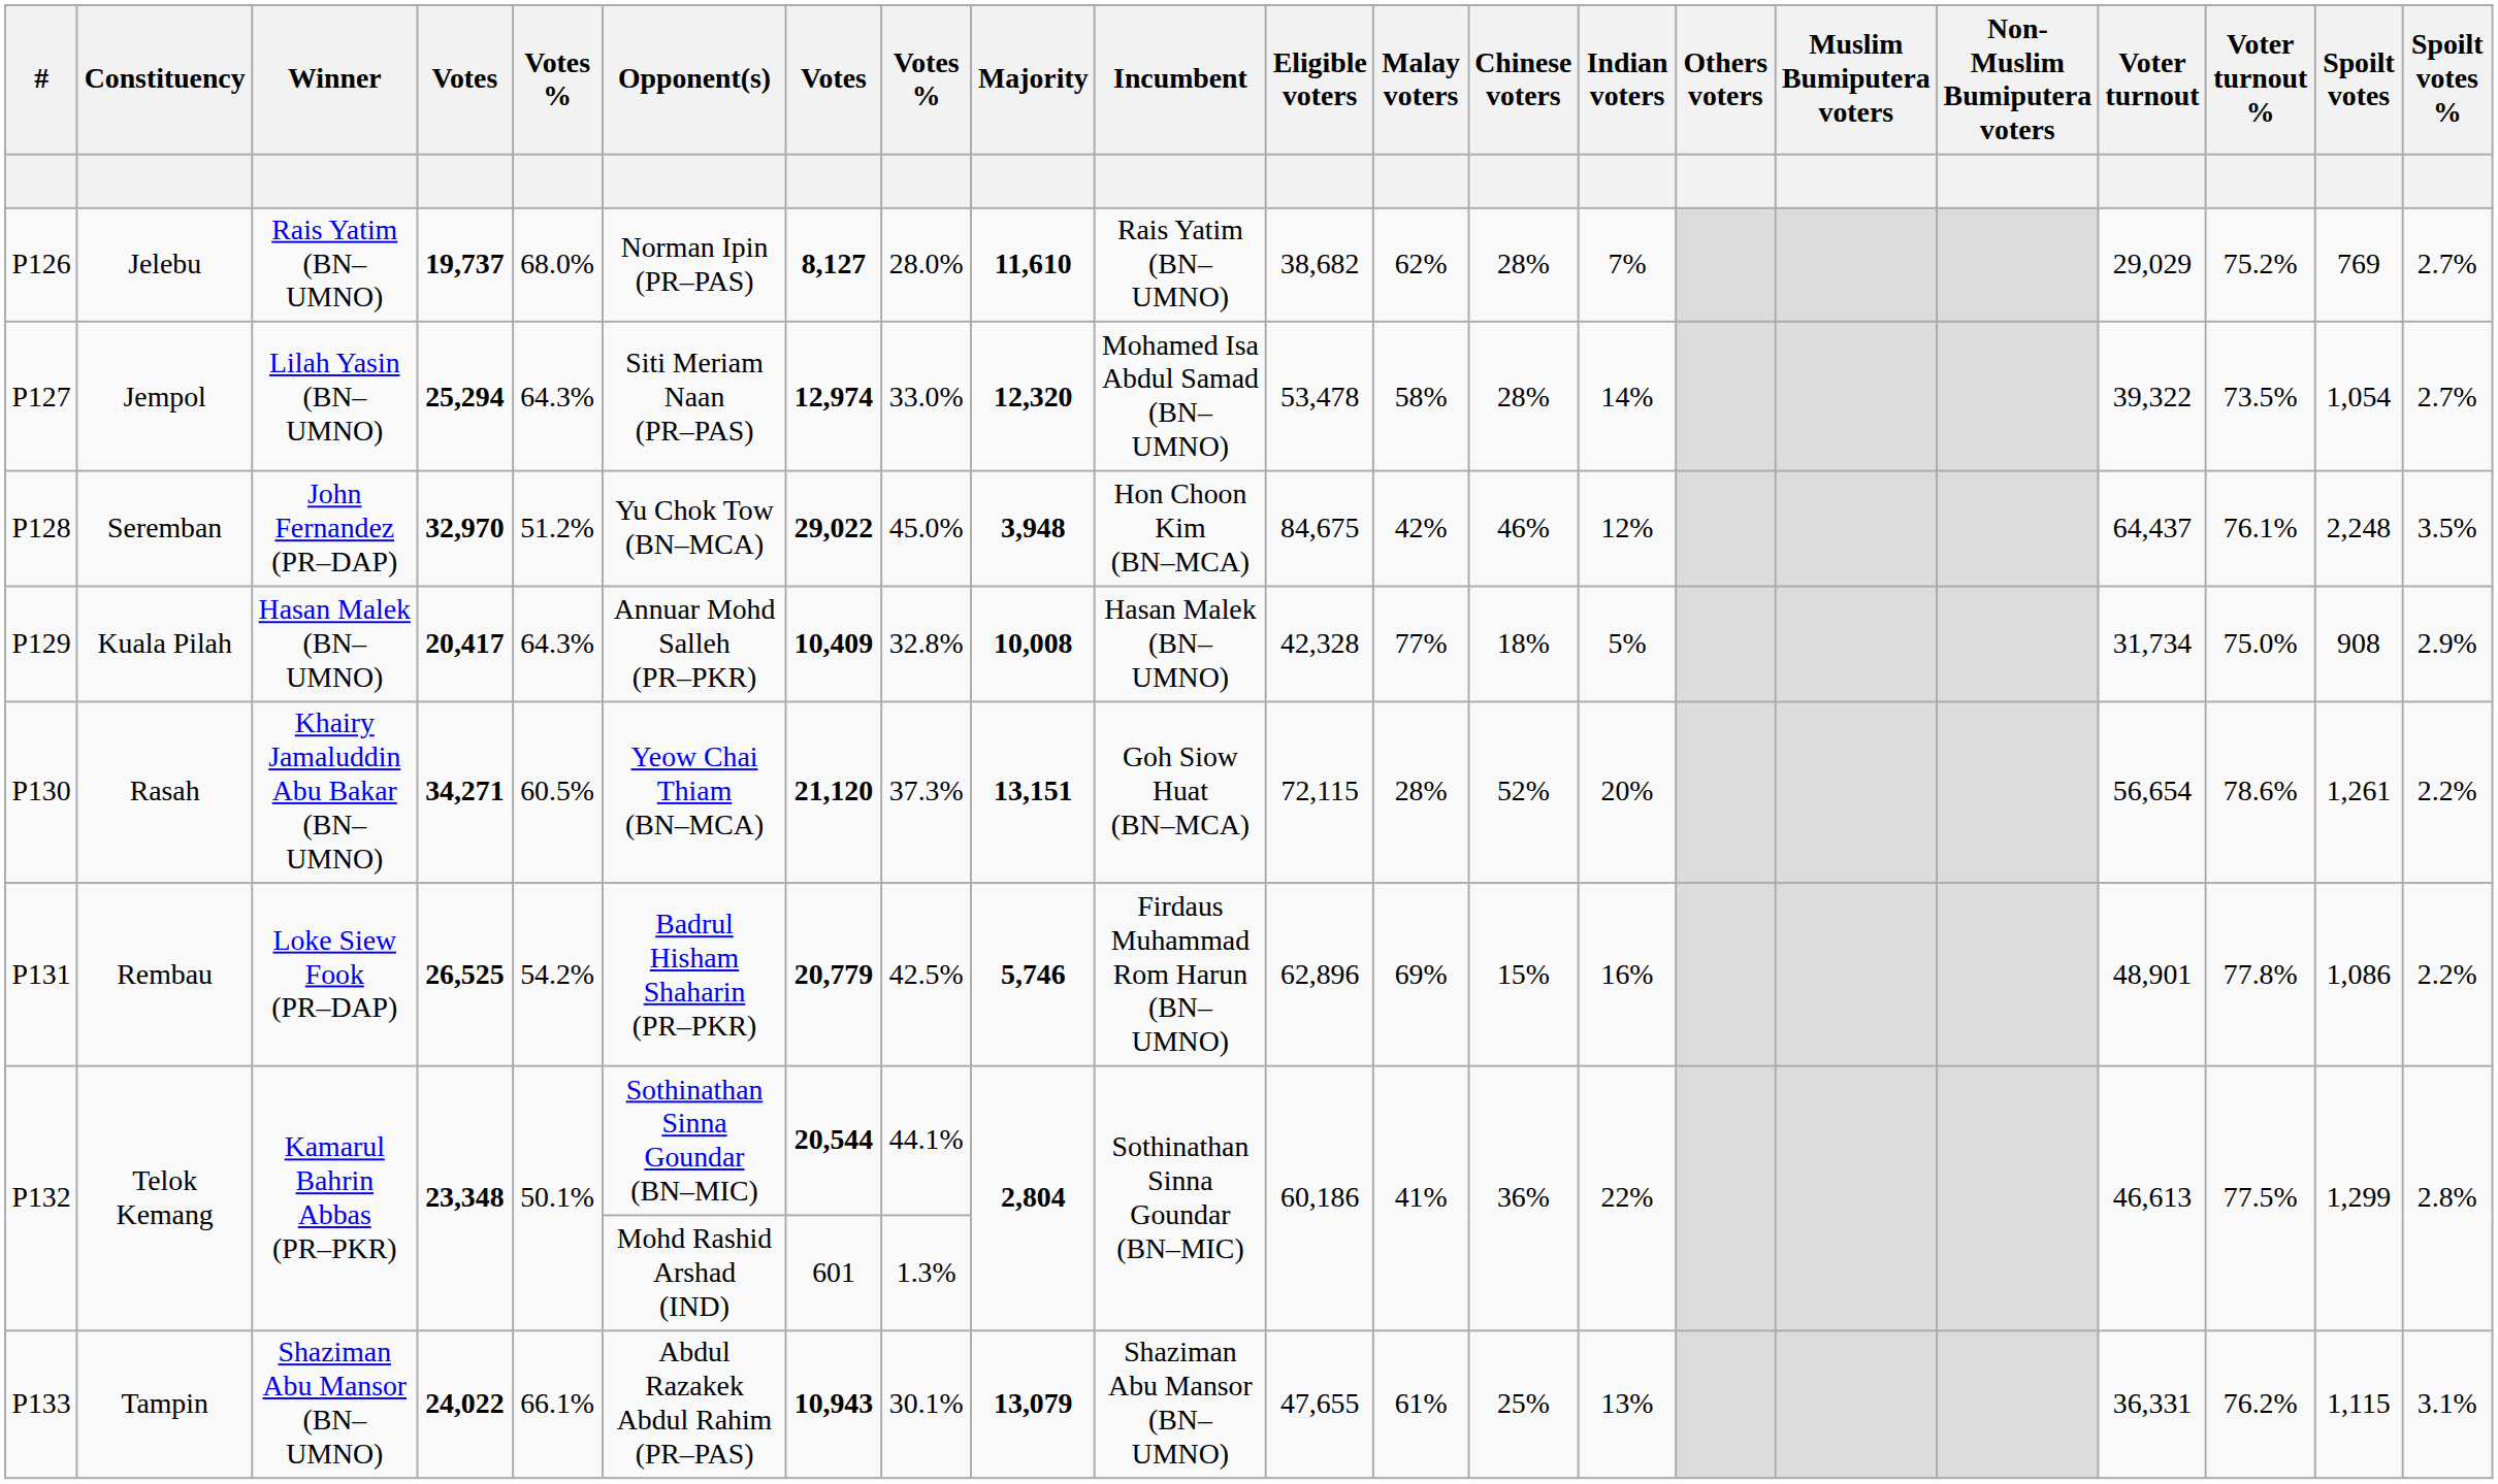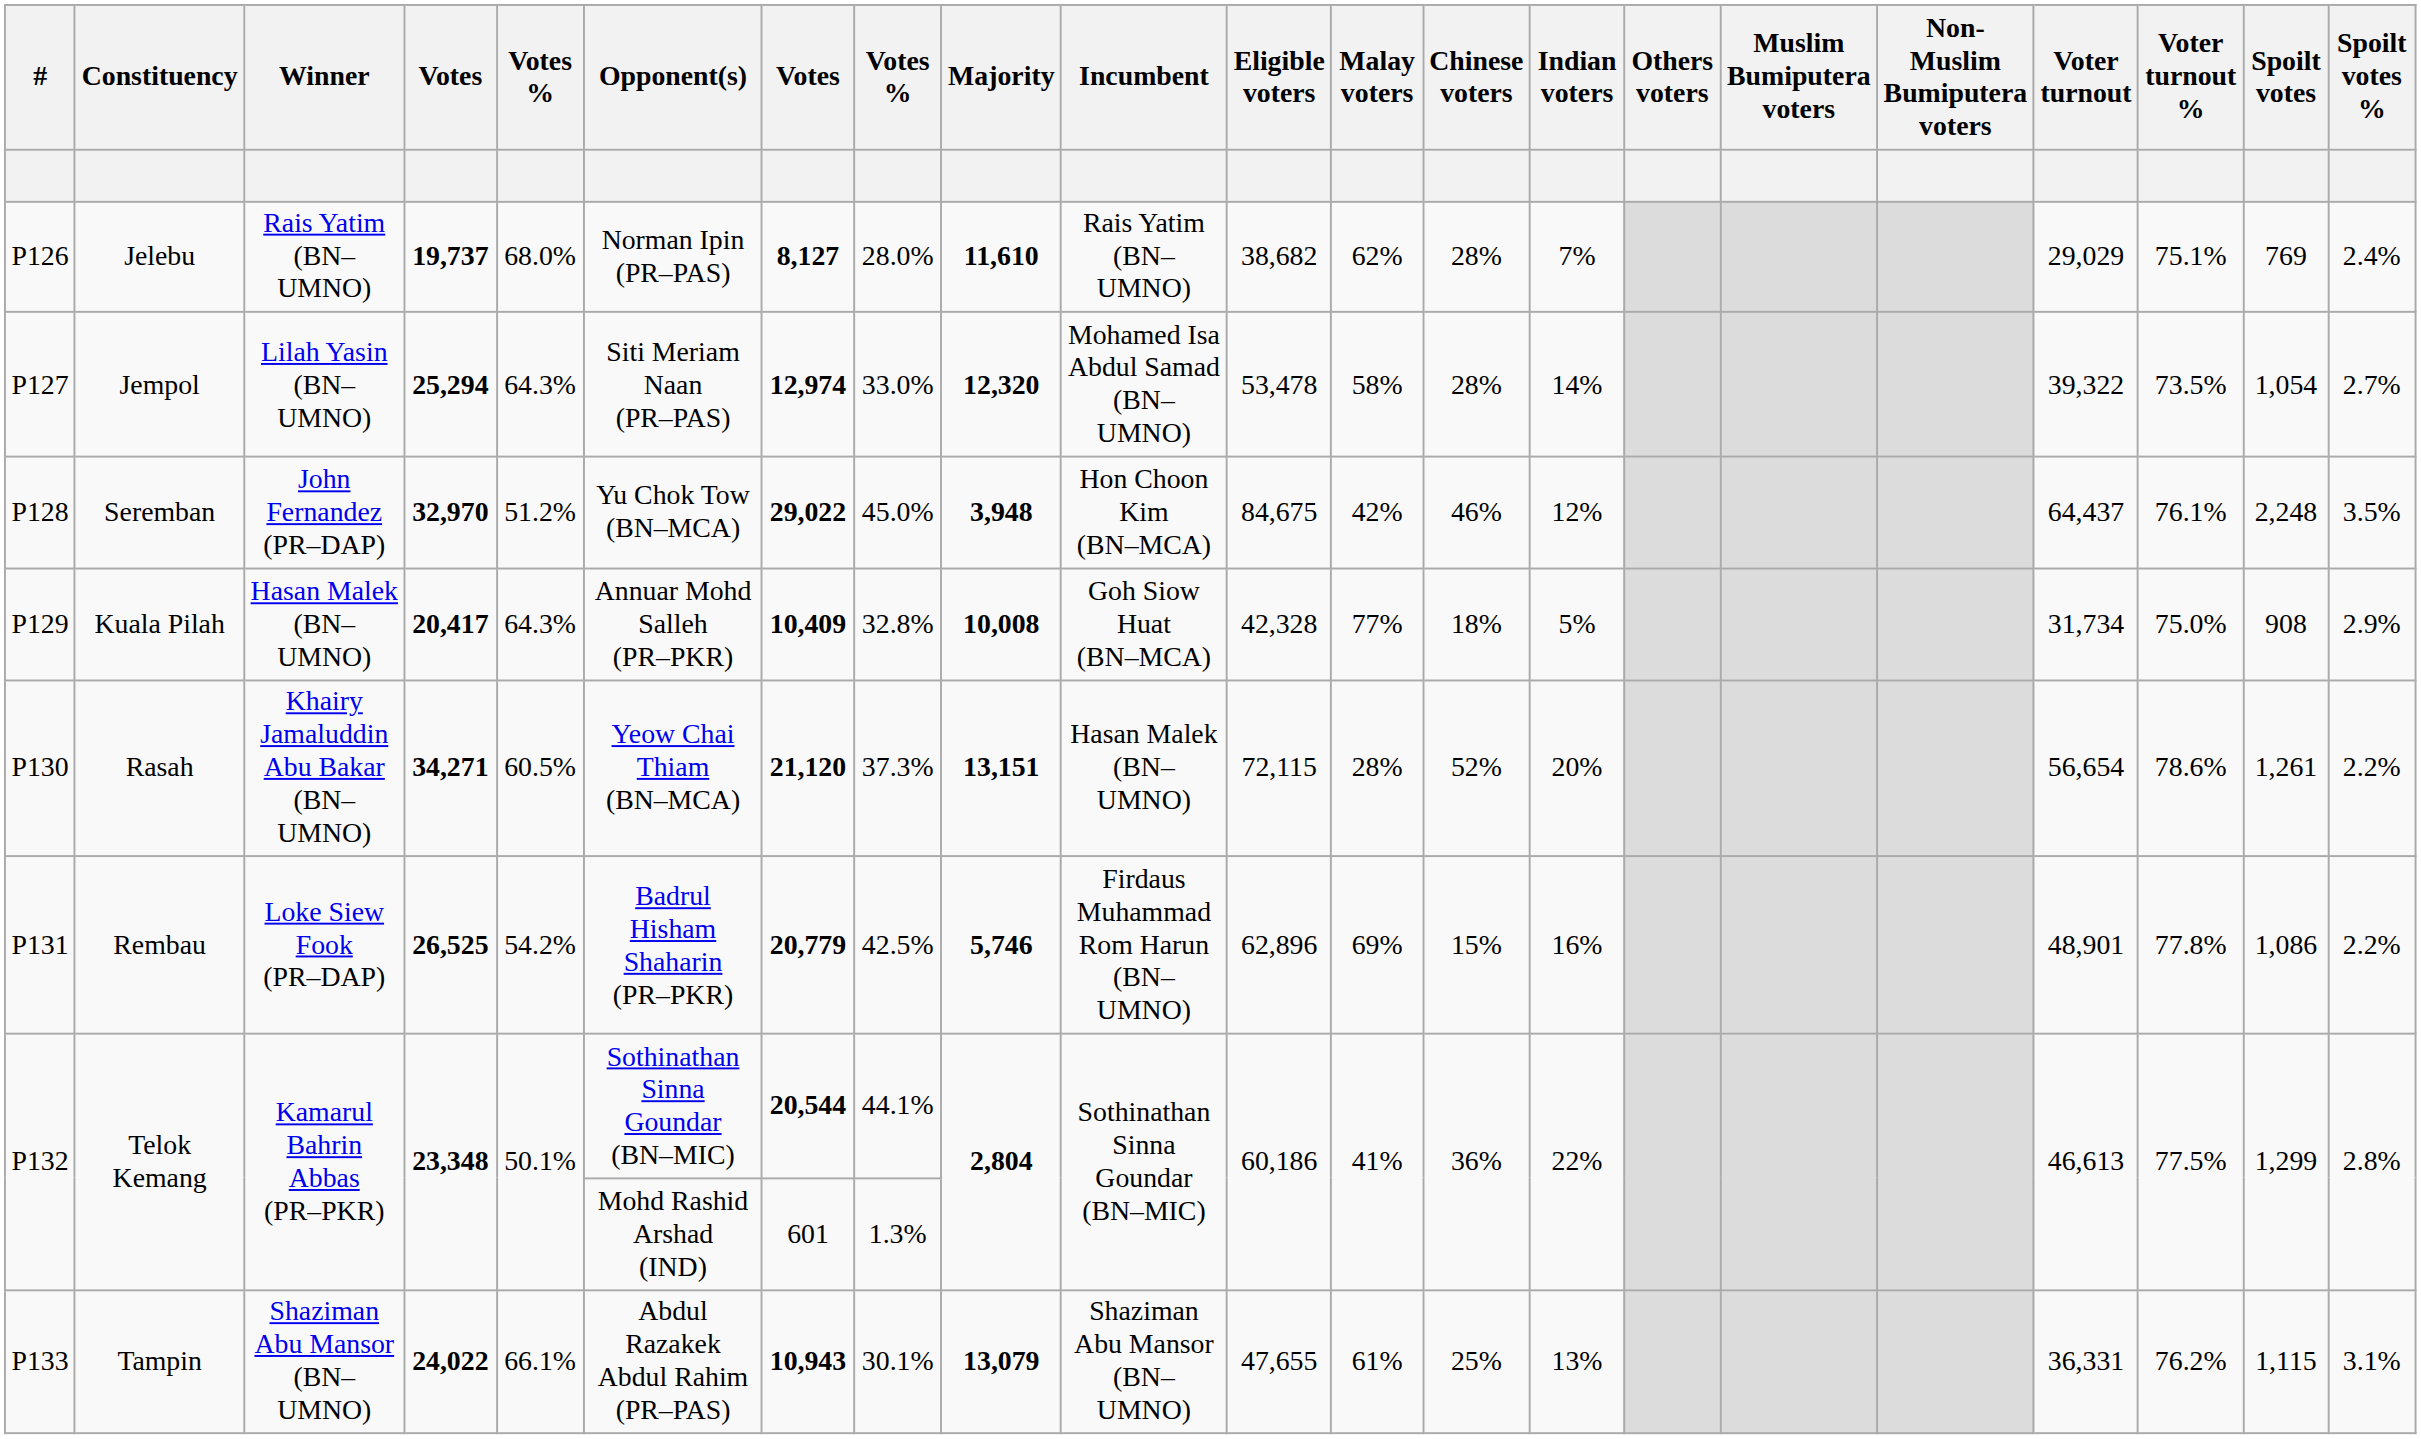 <table class="wikitable sortable" style="text-align:center; font-size:90%">
 <tr>
 <th width="30">#</th>
 <th width="60">Constituency</th>
 <th width="150">Winner</th>
 <th width="50">Votes</th>
 <th width="50">Votes %</th>
 <th width="150">Opponent(s)</th>
 <th width="50">Votes</th>
 <th width="50">Votes %</th>
 <th width="50">Majority</th>
 <th width="150">Incumbent</th>
 <th width="50">Eligible voters</th>
 <th width="50">Malay voters</th>
 <th width="50">Chinese voters</th>
 <th width="50">Indian voters</th>
 <th width="50">Others voters</th>
 <th width="50">Muslim Bumiputera voters</th>
 <th width="50">Non-Muslim Bumiputera voters</th>
 <th width="50">Voter turnout</th>
 <th width="50">Voter turnout %</th>
 <th width="50">Spoilt votes</th>
 <th width="50">Spoilt votes %</th>
 </tr>
 <tr>
 <th height="20"></th>
 <th></th>
 <th></th>
 <th></th>
 <th></th>
 <th></th>
 <th></th>
 <th></th>
 <th></th>
 <th></th>
 <th></th>
 <th></th>
 <th></th>
 <th></th>
 <th></th>
 <th></th>
 <th></th>
 <th></th>
 <th></th>
 <th></th>
 <th></th>
 </tr>
 <tr>
 <td>P126</td>
 <td>Jelebu</td>
 <td><a href='#'>Rais Yatim</a><br>(BN–UMNO)</td>
 <td><strong>19,737</strong></td>
 <td>68.0%</td>
 <td>Norman Ipin<br>(PR–PAS)</td>
 <td><strong>8,127</strong></td>
 <td>28.0%</td>
 <td><strong>11,610</strong></td>
 <td>Rais Yatim<br>(BN–UMNO)</td>
 <td>38,682</td>
 <td>62%</td>
 <td>28%</td>
 <td>7%</td>
 <td bgcolor="dcdcdc"></td>
 <td bgcolor="dcdcdc"></td>
 <td bgcolor="dcdcdc"></td>
 <td>29,029</td>
-<td>75.2%</td>
+<td>75.1%</td>
 <td>769</td>
-<td>2.7%</td>
+<td>2.4%</td>
 </tr>
 <tr>
 <td>P127</td>
 <td>Jempol</td>
 <td><a href='#'>Lilah Yasin</a><br>(BN–UMNO)</td>
 <td><strong>25,294</strong></td>
 <td>64.3%</td>
 <td>Siti Meriam Naan<br>(PR–PAS)</td>
 <td><strong>12,974</strong></td>
 <td>33.0%</td>
 <td><strong>12,320</strong></td>
 <td>Mohamed Isa Abdul Samad<br>(BN–UMNO)</td>
 <td>53,478</td>
 <td>58%</td>
 <td>28%</td>
 <td>14%</td>
 <td bgcolor="dcdcdc"></td>
 <td bgcolor="dcdcdc"></td>
 <td bgcolor="dcdcdc"></td>
 <td>39,322</td>
 <td>73.5%</td>
 <td>1,054</td>
 <td>2.7%</td>
 </tr>
 <tr>
 <td>P128</td>
 <td>Seremban</td>
 <td><a href='#'>John Fernandez</a><br>(PR–DAP)</td>
 <td><strong>32,970</strong></td>
 <td>51.2%</td>
 <td>Yu Chok Tow<br>(BN–MCA)</td>
 <td><strong>29,022</strong></td>
 <td>45.0%</td>
 <td><strong>3,948</strong></td>
 <td>Hon Choon Kim<br>(BN–MCA)</td>
 <td>84,675</td>
 <td>42%</td>
 <td>46%</td>
 <td>12%</td>
 <td bgcolor="dcdcdc"></td>
 <td bgcolor="dcdcdc"></td>
 <td bgcolor="dcdcdc"></td>
 <td>64,437</td>
 <td>76.1%</td>
 <td>2,248</td>
 <td>3.5%</td>
 </tr>
 <tr>
 <td>P129</td>
 <td>Kuala Pilah</td>
 <td><a href='#'>Hasan Malek</a><br>(BN–UMNO)</td>
 <td><strong>20,417</strong></td>
 <td>64.3%</td>
 <td>Annuar Mohd Salleh<br>(PR–PKR)</td>
 <td><strong>10,409</strong></td>
 <td>32.8%</td>
 <td><strong>10,008</strong></td>
-<td>Hasan Malek<br>(BN–UMNO)</td>
+<td>Goh Siow Huat<br>(BN–MCA)</td>
 <td>42,328</td>
 <td>77%</td>
 <td>18%</td>
 <td>5%</td>
 <td bgcolor="dcdcdc"></td>
 <td bgcolor="dcdcdc"></td>
 <td bgcolor="dcdcdc"></td>
 <td>31,734</td>
 <td>75.0%</td>
 <td>908</td>
 <td>2.9%</td>
 </tr>
 <tr>
 <td>P130</td>
 <td>Rasah</td>
 <td><a href='#'>Khairy Jamaluddin Abu Bakar</a><br>(BN–UMNO)</td>
 <td><strong>34,271</strong></td>
 <td>60.5%</td>
 <td><a href='#'>Yeow Chai Thiam</a><br>(BN–MCA)</td>
 <td><strong>21,120</strong></td>
 <td>37.3%</td>
 <td><strong>13,151</strong></td>
-<td>Goh Siow Huat<br>(BN–MCA)</td>
+<td>Hasan Malek<br>(BN–UMNO)</td>
 <td>72,115</td>
 <td>28%</td>
 <td>52%</td>
 <td>20%</td>
 <td bgcolor="dcdcdc"></td>
 <td bgcolor="dcdcdc"></td>
 <td bgcolor="dcdcdc"></td>
 <td>56,654</td>
 <td>78.6%</td>
 <td>1,261</td>
 <td>2.2%</td>
 </tr>
 <tr>
 <td>P131</td>
 <td>Rembau</td>
 <td><a href='#'>Loke Siew Fook</a><br>(PR–DAP)</td>
 <td><strong>26,525</strong></td>
 <td>54.2%</td>
 <td><a href='#'>Badrul Hisham Shaharin</a><br>(PR–PKR)</td>
 <td><strong>20,779</strong></td>
 <td>42.5%</td>
 <td><strong>5,746</strong></td>
 <td>Firdaus Muhammad Rom Harun<br>(BN–UMNO)</td>
 <td>62,896</td>
 <td>69%</td>
 <td>15%</td>
 <td>16%</td>
 <td bgcolor="dcdcdc"></td>
 <td bgcolor="dcdcdc"></td>
 <td bgcolor="dcdcdc"></td>
 <td>48,901</td>
 <td>77.8%</td>
 <td>1,086</td>
 <td>2.2%</td>
 </tr>
 <tr>
 <td rowspan="2">P132</td>
 <td rowspan="2">Telok Kemang</td>
 <td rowspan="2"><a href='#'>Kamarul Bahrin Abbas</a><br>(PR–PKR)</td>
 <td rowspan="2"><strong>23,348</strong></td>
 <td rowspan="2">50.1%</td>
 <td><a href='#'>Sothinathan Sinna Goundar</a><br>(BN–MIC)</td>
 <td><strong>20,544</strong></td>
 <td>44.1%</td>
 <td rowspan="2"><strong>2,804</strong></td>
 <td rowspan="2">Sothinathan Sinna Goundar<br>(BN–MIC)</td>
 <td rowspan="2">60,186</td>
 <td rowspan="2">41%</td>
 <td rowspan="2">36%</td>
 <td rowspan="2">22%</td>
 <td rowspan="2" bgcolor="dcdcdc"></td>
 <td rowspan="2" bgcolor="dcdcdc"></td>
 <td rowspan="2" bgcolor="dcdcdc"></td>
 <td rowspan="2">46,613</td>
 <td rowspan="2">77.5%</td>
 <td rowspan="2">1,299</td>
 <td rowspan="2">2.8%</td>
 </tr>
 <tr>
 <td>Mohd Rashid Arshad<br>(IND)</td>
 <td>601</td>
 <td>1.3%</td>
 </tr>
 <tr>
 <td>P133</td>
 <td>Tampin</td>
 <td><a href='#'>Shaziman Abu Mansor</a><br>(BN–UMNO)</td>
 <td><strong>24,022</strong></td>
 <td>66.1%</td>
 <td>Abdul Razakek Abdul Rahim<br>(PR–PAS)</td>
 <td><strong>10,943</strong></td>
 <td>30.1%</td>
 <td><strong>13,079</strong></td>
 <td>Shaziman Abu Mansor<br>(BN–UMNO)</td>
 <td>47,655</td>
 <td>61%</td>
 <td>25%</td>
 <td>13%</td>
 <td bgcolor="dcdcdc"></td>
 <td bgcolor="dcdcdc"></td>
 <td bgcolor="dcdcdc"></td>
 <td>36,331</td>
 <td>76.2%</td>
 <td>1,115</td>
 <td>3.1%</td>
 </tr>
 </table>
